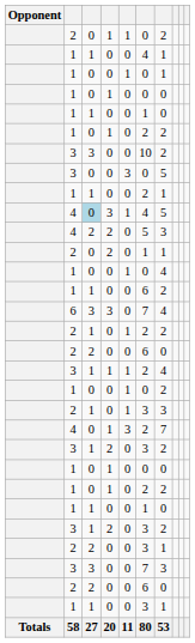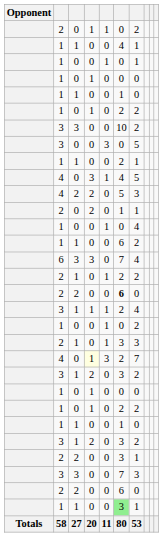 <table class="wikitable plainrowheaders sortable" style="text-align:center">
 <tr>
 <th scope=col>Opponent</th>
 <th scope=col></th>
 <th scope=col></th>
 <th scope=col></th>
 <th scope=col></th>
 <th scope=col></th>
 <th scope=col></th>
 <th scope=col></th>
 <th scope=col></th>
 <th scope=col></th>
 </tr>
 <tr>
 <th scope=row style="text-align:left;"></th>
 <td>2</td>
 <td>0</td>
 <td>1</td>
 <td>1</td>
 <td>0</td>
 <td>2</td>
 <td></td>
 <td></td>
 <td></td>
 </tr>
 <tr>
 <th scope=row style="text-align:left;"></th>
 <td>1</td>
 <td>1</td>
 <td>0</td>
 <td>0</td>
 <td>4</td>
 <td>1</td>
 <td></td>
 <td></td>
 <td></td>
 </tr>
 <tr>
 <th scope=row style="text-align:left;"></th>
 <td>1</td>
 <td>0</td>
 <td>0</td>
 <td>1</td>
 <td>0</td>
 <td>1</td>
 <td></td>
 <td></td>
 <td></td>
 </tr>
 <tr>
 <th scope=row style="text-align:left;"></th>
 <td>1</td>
 <td>0</td>
 <td>1</td>
 <td>0</td>
 <td>0</td>
 <td>0</td>
 <td></td>
 <td></td>
 <td></td>
 </tr>
 <tr>
 <th scope=row style="text-align:left;"></th>
 <td>1</td>
 <td>1</td>
 <td>0</td>
 <td>0</td>
 <td>1</td>
 <td>0</td>
 <td></td>
 <td></td>
 <td></td>
 </tr>
 <tr>
 <th scope=row style="text-align:left;"></th>
 <td>1</td>
 <td>0</td>
 <td>1</td>
 <td>0</td>
 <td>2</td>
 <td>2</td>
 <td></td>
 <td></td>
 <td></td>
 </tr>
 <tr>
 <th scope=row style="text-align:left;"></th>
 <td>3</td>
 <td>3</td>
 <td>0</td>
 <td>0</td>
 <td>10</td>
 <td>2</td>
 <td></td>
 <td></td>
 <td></td>
 </tr>
 <tr>
 <th scope=row style="text-align:left;"></th>
 <td>3</td>
 <td>0</td>
 <td>0</td>
 <td>3</td>
 <td>0</td>
 <td>5</td>
 <td></td>
 <td></td>
 <td></td>
 </tr>
 <tr>
 <th scope=row style="text-align:left;"></th>
 <td>1</td>
 <td>1</td>
 <td>0</td>
 <td>0</td>
 <td>2</td>
 <td>1</td>
 <td></td>
 <td></td>
 <td></td>
 </tr>
 <tr>
 <th scope=row style="text-align:left;"></th>
 <td>4</td>
-<td style="background: lightblue;">0</td>
+<td>0</td>
 <td>3</td>
 <td>1</td>
 <td>4</td>
 <td>5</td>
 <td></td>
 <td></td>
 <td></td>
 </tr>
 <tr>
 <th scope=row style="text-align:left;"></th>
 <td>4</td>
 <td>2</td>
 <td>2</td>
 <td>0</td>
 <td>5</td>
 <td>3</td>
 <td></td>
 <td></td>
 <td></td>
 </tr>
 <tr>
 <th scope=row style="text-align:left;"></th>
 <td>2</td>
 <td>0</td>
 <td>2</td>
 <td>0</td>
 <td>1</td>
 <td>1</td>
 <td></td>
 <td></td>
 <td></td>
 </tr>
 <tr>
 <th scope=row style="text-align:left;"></th>
 <td>1</td>
 <td>0</td>
 <td>0</td>
 <td>1</td>
 <td>0</td>
 <td>4</td>
 <td></td>
 <td></td>
 <td></td>
 </tr>
 <tr>
 <th scope=row style="text-align:left;"></th>
 <td>1</td>
 <td>1</td>
 <td>0</td>
 <td>0</td>
 <td>6</td>
 <td>2</td>
 <td></td>
 <td></td>
 <td></td>
 </tr>
 <tr>
 <th scope=row style="text-align:left;"></th>
 <td>6</td>
 <td>3</td>
 <td>3</td>
 <td>0</td>
 <td>7</td>
 <td>4</td>
 <td></td>
 <td></td>
 <td></td>
 </tr>
 <tr>
 <th scope=row style="text-align:left;"></th>
 <td>2</td>
 <td>1</td>
 <td>0</td>
 <td>1</td>
 <td>2</td>
 <td>2</td>
 <td></td>
 <td></td>
 <td></td>
 </tr>
 <tr>
 <th scope=row style="text-align:left;"></th>
 <td>2</td>
 <td>2</td>
 <td>0</td>
 <td>0</td>
-<td>6</td>
+<td><strong>6</strong></td>
 <td>0</td>
 <td></td>
 <td></td>
 <td></td>
 </tr>
 <tr>
 <th scope=row style="text-align:left;"></th>
 <td>3</td>
 <td>1</td>
 <td>1</td>
 <td>1</td>
 <td>2</td>
 <td>4</td>
 <td></td>
 <td></td>
 <td></td>
 </tr>
 <tr>
 <th scope=row style="text-align:left;"></th>
 <td>1</td>
 <td>0</td>
 <td>0</td>
 <td>1</td>
 <td>0</td>
 <td>2</td>
 <td></td>
 <td></td>
 <td></td>
 </tr>
 <tr>
 <th scope=row style="text-align:left;"></th>
 <td>2</td>
 <td>1</td>
 <td>0</td>
 <td>1</td>
 <td>3</td>
 <td>3</td>
 <td></td>
 <td></td>
 <td></td>
 </tr>
 <tr>
 <th scope=row style="text-align:left;"></th>
 <td>4</td>
 <td>0</td>
-<td>1</td>
+<td style="background: lightyellow;">1</td>
 <td>3</td>
 <td>2</td>
 <td>7</td>
 <td></td>
 <td></td>
 <td></td>
 </tr>
 <tr>
 <th scope=row style="text-align:left;"></th>
 <td>3</td>
 <td>1</td>
 <td>2</td>
 <td>0</td>
 <td>3</td>
 <td>2</td>
 <td></td>
 <td></td>
 <td></td>
 </tr>
 <tr>
 <th scope=row style="text-align:left;"></th>
 <td>1</td>
 <td>0</td>
 <td>1</td>
 <td>0</td>
 <td>0</td>
 <td>0</td>
 <td></td>
 <td></td>
 <td></td>
 </tr>
 <tr>
 <th scope=row style="text-align:left;"></th>
 <td>1</td>
 <td>0</td>
 <td>1</td>
 <td>0</td>
 <td>2</td>
 <td>2</td>
 <td></td>
 <td></td>
 <td></td>
 </tr>
 <tr>
 <th scope=row style="text-align:left;"></th>
 <td>1</td>
 <td>1</td>
 <td>0</td>
 <td>0</td>
 <td>1</td>
 <td>0</td>
 <td></td>
 <td></td>
 <td></td>
 </tr>
 <tr>
 <th scope=row style="text-align:left;"></th>
 <td>3</td>
 <td>1</td>
 <td>2</td>
 <td>0</td>
 <td>3</td>
 <td>2</td>
 <td></td>
 <td></td>
 <td></td>
 </tr>
 <tr>
 <th scope=row style="text-align:left;"></th>
 <td>2</td>
 <td>2</td>
 <td>0</td>
 <td>0</td>
 <td>3</td>
 <td>1</td>
 <td></td>
 <td></td>
 <td></td>
 </tr>
 <tr>
 <th scope=row style="text-align:left;"></th>
 <td>3</td>
 <td>3</td>
 <td>0</td>
 <td>0</td>
 <td>7</td>
 <td>3</td>
 <td></td>
 <td></td>
 <td></td>
 </tr>
 <tr>
 <th scope=row style="text-align:left;"></th>
 <td>2</td>
 <td>2</td>
 <td>0</td>
 <td>0</td>
 <td>6</td>
 <td>0</td>
 <td></td>
 <td></td>
 <td></td>
 </tr>
 <tr>
 <th scope=row style="text-align:left;"></th>
 <td>1</td>
 <td>1</td>
 <td>0</td>
 <td>0</td>
-<td>3</td>
+<td style="background: lightgreen;">3</td>
 <td>1</td>
 <td></td>
 <td></td>
 <td></td>
 </tr>
 <tr class="sortbottom">
 <th>Totals</th>
 <th>58</th>
 <th>27</th>
 <th>20</th>
 <th>11</th>
 <th>80</th>
 <th>53</th>
 <th></th>
 <th></th>
 <th></th>
 </tr>
 </table>
